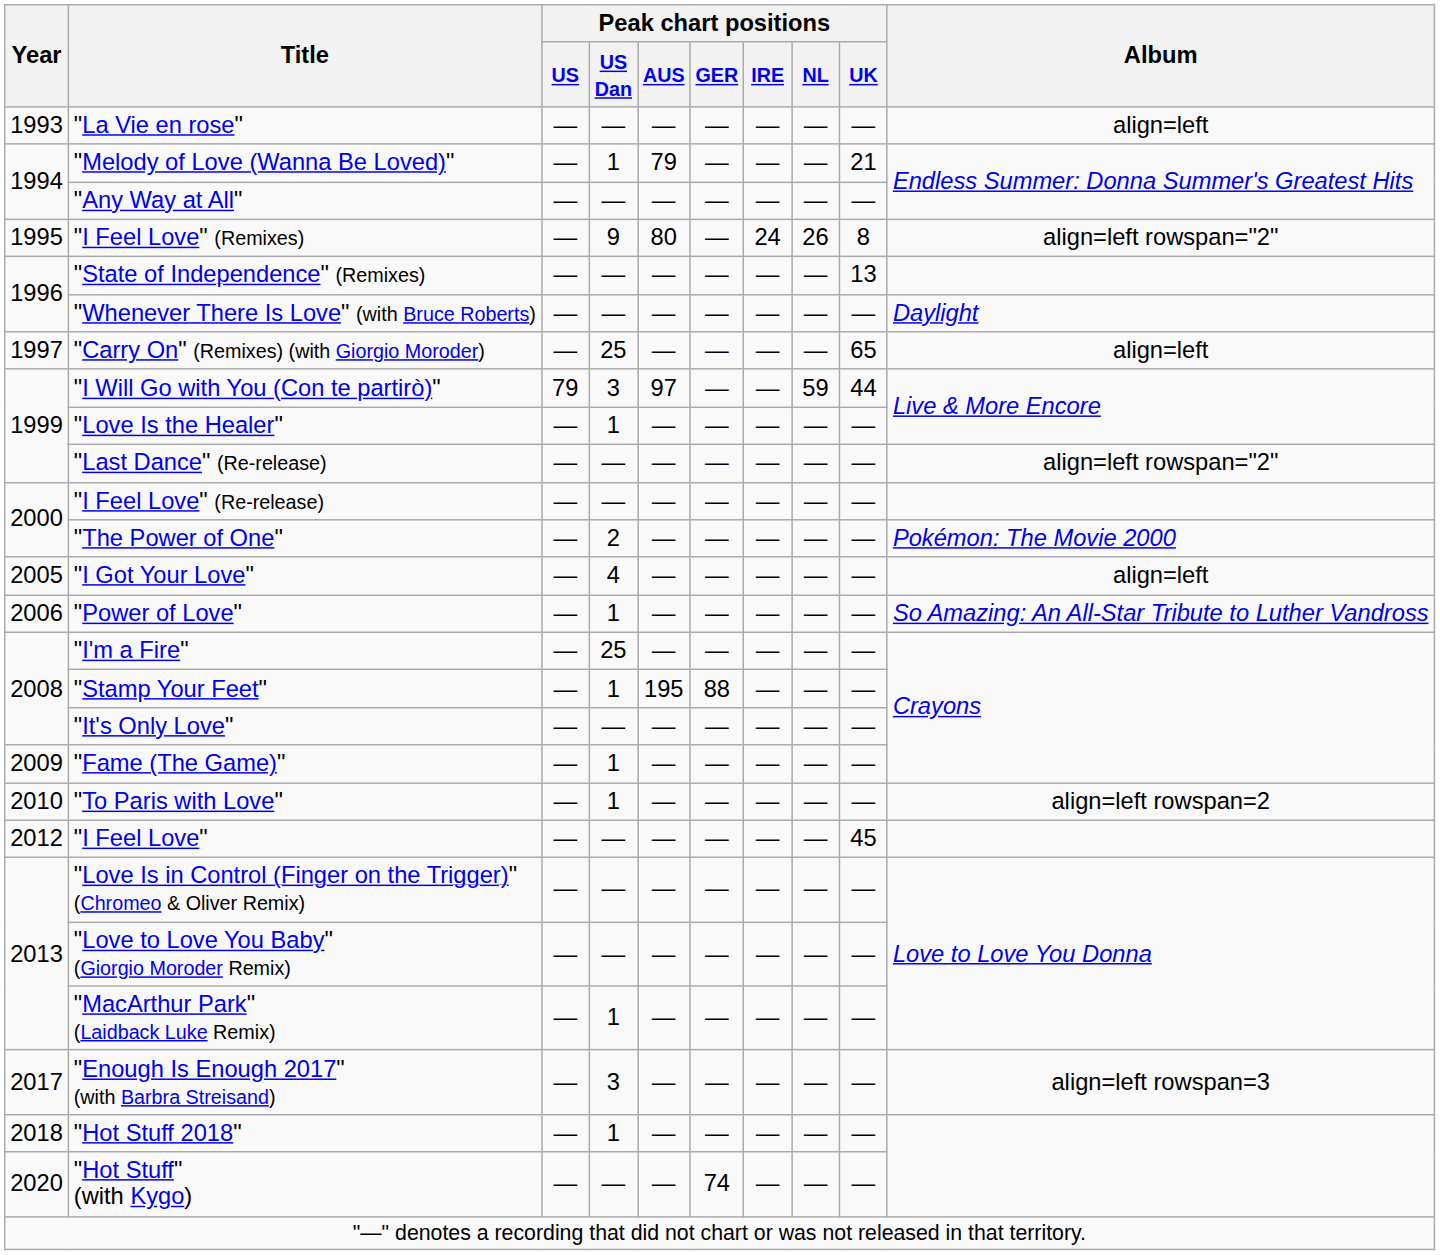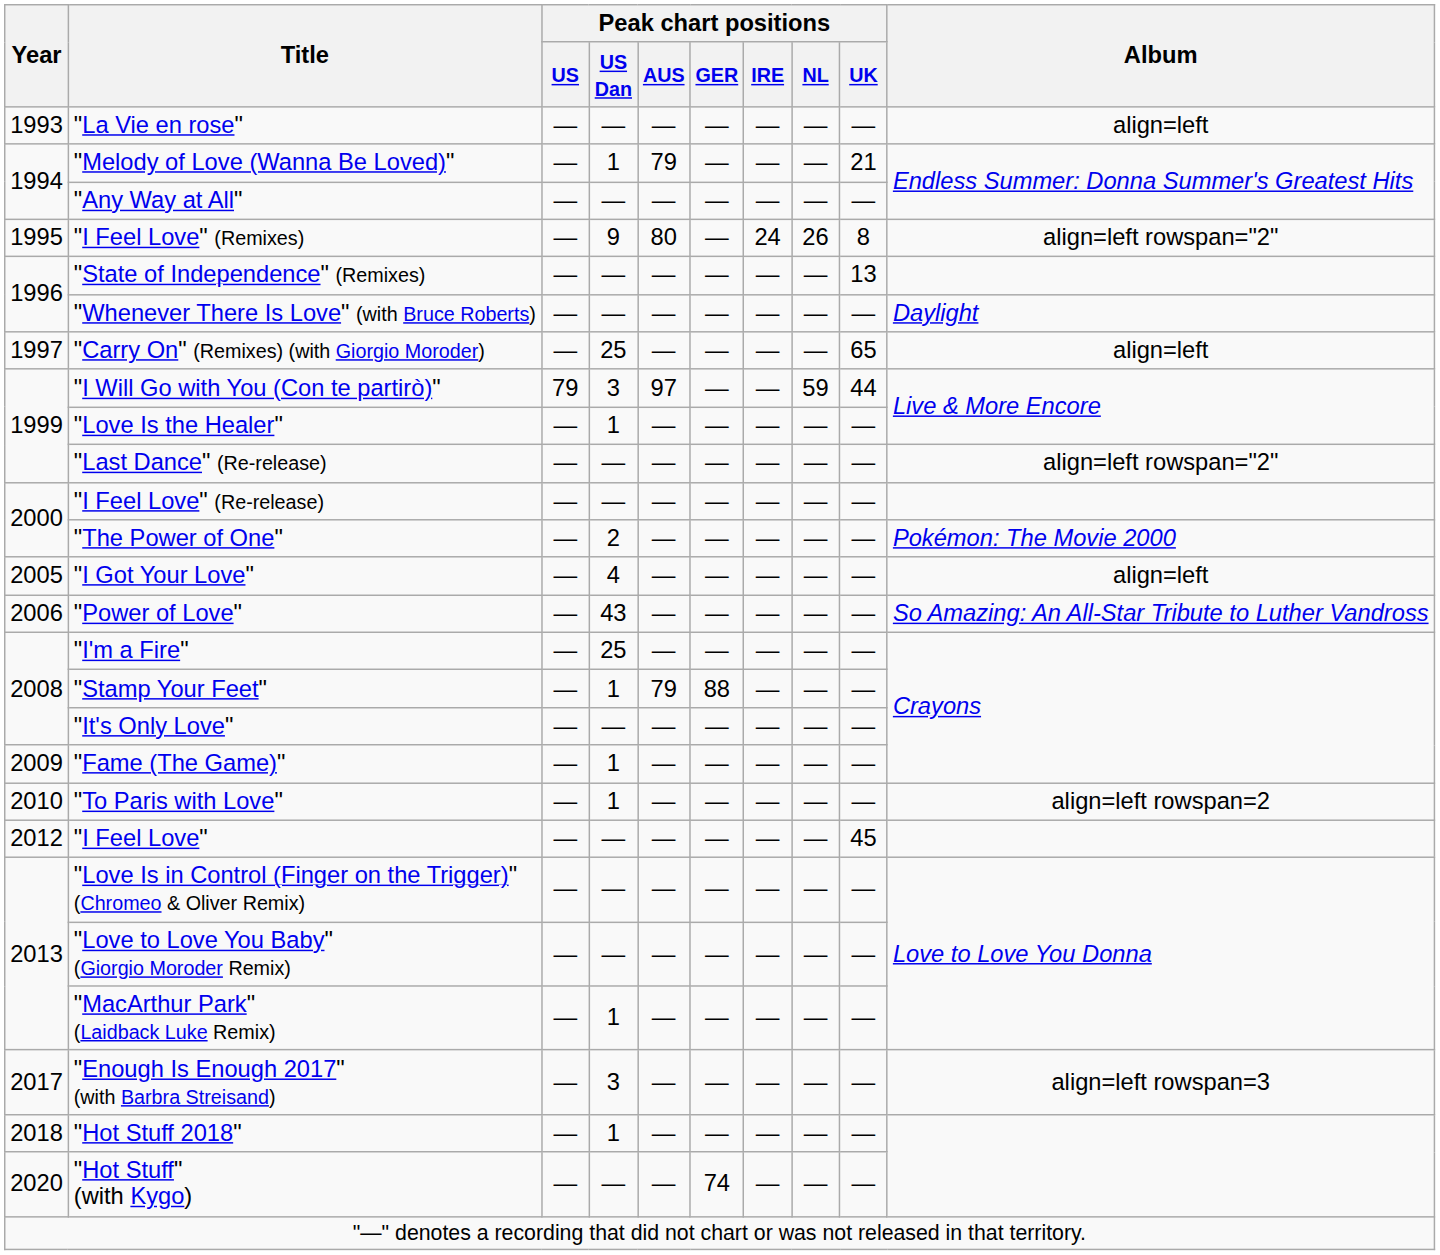 <table class="wikitable" style=text-align:center;>
 <tr>
 <th rowspan="2">Year</th>
 <th rowspan="2">Title</th>
 <th colspan="7">Peak chart positions</th>
 <th rowspan="2">Album</th>
 </tr>
 <tr>
 <th width="25"><small><a href='#'>US</a><br></small></th>
 <th width="25"><small><a href='#'>US Dan</a><br></small></th>
 <th width="25"><small><a href='#'>AUS</a><br></small></th>
 <th width="25"><small><a href='#'>GER</a><br></small></th>
 <th width="25"><small><a href='#'>IRE</a><br></small></th>
 <th width="25"><small><a href='#'>NL</a><br></small></th>
 <th width="25"><small><a href='#'>UK</a><br></small></th>
 </tr>
 <tr>
 <td>1993</td>
 <td align=left>"<a href='#'>La Vie en rose</a>"  </td>
 <td>—</td>
 <td>—</td>
 <td>—</td>
 <td>—</td>
 <td>—</td>
 <td>—</td>
 <td>—</td>
 <td>align=left </td>
 </tr>
 <tr>
 <td rowspan="2">1994</td>
 <td align=left>"<a href='#'>Melody of Love (Wanna Be Loved)</a>"</td>
 <td>—</td>
 <td>1</td>
 <td>79</td>
 <td>—</td>
 <td>—</td>
 <td>—</td>
 <td>21 </td>
 <td align=left rowspan=2><em><a href='#'>Endless Summer: Donna Summer's Greatest Hits</a></em></td>
 </tr>
 <tr>
 <td align=left>"<a href='#'>Any Way at All</a>"  </td>
 <td>—</td>
 <td>—</td>
 <td>—</td>
 <td>—</td>
 <td>—</td>
 <td>—</td>
 <td>—</td>
 </tr>
 <tr>
 <td>1995</td>
 <td align=left>"<a href='#'>I Feel Love</a>" <small>(Remixes)</small></td>
 <td>—</td>
 <td>9</td>
 <td>80</td>
 <td>—</td>
 <td>24</td>
 <td>26 </td>
 <td>8 </td>
 <td>align=left rowspan="2" </td>
 </tr>
 <tr>
 <td rowspan="2">1996</td>
 <td align=left>"<a href='#'>State of Independence</a>" <small>(Remixes)</small> </td>
 <td>—</td>
 <td>—</td>
 <td>—</td>
 <td>—</td>
 <td>—</td>
 <td>—</td>
 <td>13 </td>
 </tr>
 <tr>
 <td align=left>"<a href='#'>Whenever There Is Love</a>"  <small>(with <a href='#'>Bruce Roberts</a>)</small></td>
 <td>—</td>
 <td>—</td>
 <td>—</td>
 <td>—</td>
 <td>—</td>
 <td>—</td>
 <td>—</td>
 <td align=left><em><a href='#'>Daylight</a></em></td>
 </tr>
 <tr>
 <td>1997</td>
 <td align=left>"<a href='#'>Carry On</a>" <small>(Remixes) (with <a href='#'>Giorgio Moroder</a>)</small></td>
 <td>—</td>
 <td>25 </td>
 <td>—</td>
 <td>—</td>
 <td>—</td>
 <td>—</td>
 <td>65 </td>
 <td>align=left </td>
 </tr>
 <tr>
 <td rowspan="3">1999</td>
 <td align=left>"<a href='#'>I Will Go with You (Con te partirò)</a>"</td>
 <td>79</td>
 <td>3</td>
 <td>97</td>
 <td>—</td>
 <td>—</td>
 <td>59</td>
 <td>44 </td>
 <td align=left rowspan=2><em><a href='#'>Live & More Encore</a></em></td>
 </tr>
 <tr>
 <td align=left>"<a href='#'>Love Is the Healer</a>" </td>
 <td>—</td>
 <td>1</td>
 <td>—</td>
 <td>—</td>
 <td>—</td>
 <td>—</td>
 <td>—</td>
 </tr>
 <tr>
 <td align=left>"<a href='#'>Last Dance</a>"  <small>(Re-release)</small></td>
 <td>—</td>
 <td>—</td>
 <td>—</td>
 <td>—</td>
 <td>—</td>
 <td>—</td>
 <td>—</td>
 <td>align=left rowspan="2" </td>
 </tr>
 <tr>
 <td rowspan="2">2000</td>
 <td align=left>"<a href='#'>I Feel Love</a>"  <small>(Re-release)</small></td>
 <td>—</td>
 <td>—</td>
 <td>—</td>
 <td>—</td>
 <td>—</td>
 <td>—</td>
 <td>—</td>
 </tr>
 <tr>
 <td align=left>"<a href='#'>The Power of One</a>" </td>
 <td>—</td>
 <td>2</td>
 <td>—</td>
 <td>—</td>
 <td>—</td>
 <td>—</td>
 <td>—</td>
 <td align=left><em><a href='#'>Pokémon: The Movie 2000</a></em></td>
 </tr>
 <tr>
 <td>2005</td>
 <td align=left>"<a href='#'>I Got Your Love</a>" </td>
 <td>—</td>
 <td>4</td>
 <td>—</td>
 <td>—</td>
 <td>—</td>
 <td>—</td>
 <td>—</td>
 <td>align=left </td>
 </tr>
 <tr>
 <td>2006</td>
 <td align=left>"<a href='#'>Power of Love</a>"  </td>
 <td>—</td>
-<td>1</td>
+<td>43</td>
 <td>—</td>
 <td>—</td>
 <td>—</td>
 <td>—</td>
 <td>—</td>
 <td align=left><em><a href='#'>So Amazing: An All-Star Tribute to Luther Vandross</a></em></td>
 </tr>
 <tr>
 <td rowspan="3">2008</td>
 <td align=left>"<a href='#'>I'm a Fire</a>"</td>
 <td>—</td>
 <td>25 </td>
 <td>—</td>
 <td>—</td>
 <td>—</td>
 <td>—</td>
 <td>—</td>
 <td align=left rowspan=4><em><a href='#'>Crayons</a></em></td>
 </tr>
 <tr>
 <td align=left>"<a href='#'>Stamp Your Feet</a>"</td>
 <td>—</td>
 <td>1</td>
-<td>195</td>
+<td>79</td>
 <td>88</td>
 <td>—</td>
 <td>—</td>
 <td>—</td>
 </tr>
 <tr>
 <td align=left>"<a href='#'>It's Only Love</a>" </td>
 <td>—</td>
 <td>—</td>
 <td>—</td>
 <td>—</td>
 <td>—</td>
 <td>—</td>
 <td>—</td>
 </tr>
 <tr>
 <td>2009</td>
 <td align=left>"<a href='#'>Fame (The Game)</a>"</td>
 <td>—</td>
 <td>1</td>
 <td>—</td>
 <td>—</td>
 <td>—</td>
 <td>—</td>
 <td>—</td>
 </tr>
 <tr>
 <td>2010</td>
 <td align=left>"<a href='#'>To Paris with Love</a>"</td>
 <td>—</td>
 <td>1</td>
 <td>—</td>
 <td>—</td>
 <td>—</td>
 <td>—</td>
 <td>—</td>
 <td>align=left rowspan=2 </td>
 </tr>
 <tr>
 <td>2012</td>
 <td align=left>"<a href='#'>I Feel Love</a>" </td>
 <td>—</td>
 <td>—</td>
 <td>—</td>
 <td>—</td>
 <td>—</td>
 <td>—</td>
 <td>45</td>
 </tr>
 <tr>
 <td rowspan="3">2013</td>
 <td align=left>"<a href='#'>Love Is in Control (Finger on the Trigger)</a>"<br><small>(<a href='#'>Chromeo</a> & Oliver Remix)</small></td>
 <td>—</td>
 <td>—</td>
 <td>—</td>
 <td>—</td>
 <td>—</td>
 <td>—</td>
 <td>—</td>
 <td align=left rowspan=3><em><a href='#'>Love to Love You Donna</a></em></td>
 </tr>
 <tr>
 <td align=left>"<a href='#'>Love to Love You Baby</a>"<br><small>(<a href='#'>Giorgio Moroder</a> Remix)</small></td>
 <td>—</td>
 <td>—</td>
 <td>—</td>
 <td>—</td>
 <td>—</td>
 <td>—</td>
 <td>—</td>
 </tr>
 <tr>
 <td align=left>"<a href='#'>MacArthur Park</a>"<br><small>(<a href='#'>Laidback Luke</a> Remix)</small></td>
 <td>—</td>
 <td>1</td>
 <td>—</td>
 <td>—</td>
 <td>—</td>
 <td>—</td>
 <td>—</td>
 </tr>
 <tr>
 <td>2017</td>
 <td align=left>"<a href='#'>Enough Is Enough 2017</a>"<br><small>(with <a href='#'>Barbra Streisand</a>)</small></td>
 <td>—</td>
 <td>3</td>
 <td>—</td>
 <td>—</td>
 <td>—</td>
 <td>—</td>
 <td>—</td>
 <td>align=left rowspan=3 </td>
 </tr>
 <tr>
 <td>2018</td>
 <td align=left>"<a href='#'>Hot Stuff 2018</a>"</td>
 <td>—</td>
 <td>1</td>
 <td>—</td>
 <td>—</td>
 <td>—</td>
 <td>—</td>
 <td>—</td>
 </tr>
 <tr>
 <td>2020</td>
 <td align=left>"<a href='#'>Hot Stuff</a>"<br><span>(with <a href='#'>Kygo</a>)</span></td>
 <td>—</td>
 <td>—</td>
 <td>—</td>
 <td>74</td>
 <td>—</td>
 <td>—</td>
 <td>—</td>
 </tr>
 <tr>
 <td colspan="15" style="font-size:90%">"—" denotes a recording that did not chart or was not released in that territory.</td>
 </tr>
 </table>
